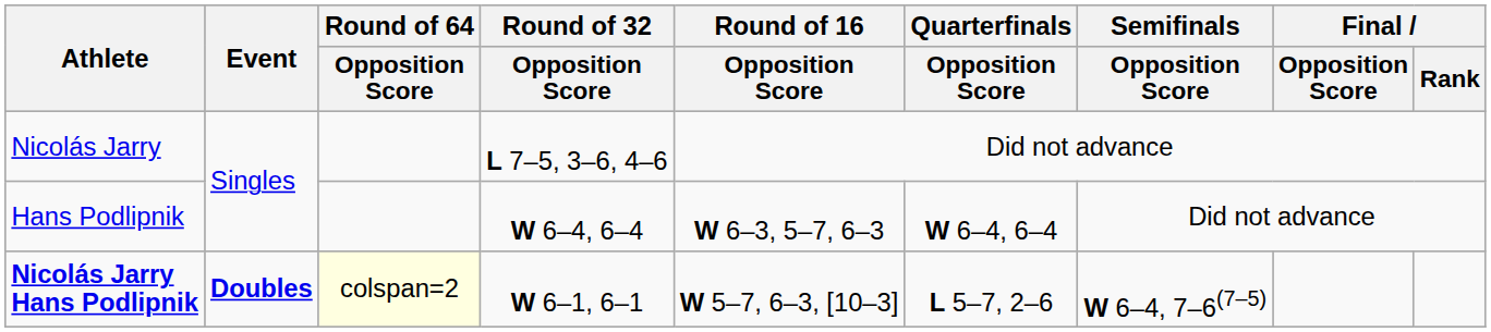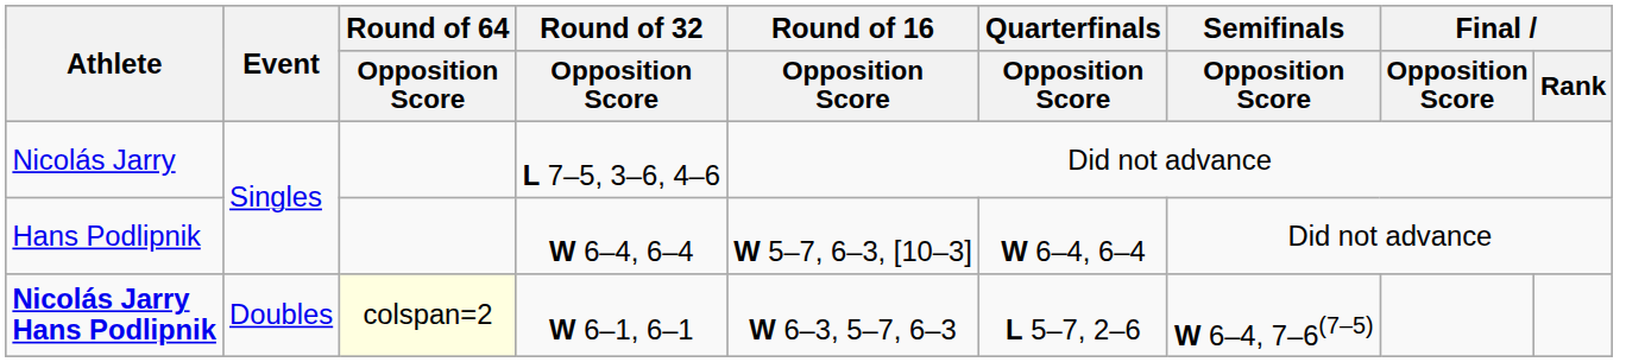 <table class=wikitable style="font-size:90%">
 <tr>
 <th rowspan="2">Athlete</th>
 <th rowspan="2">Event</th>
 <th>Round of 64</th>
 <th>Round of 32</th>
 <th>Round of 16</th>
 <th>Quarterfinals</th>
 <th>Semifinals</th>
 <th colspan=2>Final / </th>
 </tr>
 <tr style="font-size:95%">
 <th>Opposition<br>Score</th>
 <th>Opposition<br>Score</th>
 <th>Opposition<br>Score</th>
 <th>Opposition<br>Score</th>
 <th>Opposition<br>Score</th>
 <th>Opposition<br>Score</th>
 <th>Rank</th>
 </tr>
 <tr align=center>
 <td align=left><a href='#'>Nicolás Jarry</a></td>
 <td align=left rowspan=2><a href='#'>Singles</a></td>
 <td></td>
 <td><br><strong>L</strong> 7–5, 3–6, 4–6</td>
 <td colspan=5>Did not advance</td>
 </tr>
 <tr align=center>
 <td align=left><a href='#'>Hans Podlipnik</a></td>
 <td></td>
 <td><br><strong>W</strong> 6–4, 6–4</td>
-<td><br><strong>W</strong> 6–3, 5–7, 6–3</td>
+<td><br><strong>W</strong> 5–7, 6–3, [10–3]</td>
 <td><br><strong>W</strong> 6–4, 6–4</td>
 <td colspan=3>Did not advance</td>
 </tr>
 <tr align=center>
 <td align=left><strong><a href='#'>Nicolás Jarry</a><br><a href='#'>Hans Podlipnik</a></strong></td>
-<td><strong><a href='#'>Doubles</a></strong></td>
+<td><a href='#'>Doubles</a></td>
 <td style="background: lightyellow;">colspan=2 </td>
 <td><br><strong>W</strong> 6–1, 6–1</td>
-<td><br><strong>W</strong> 5–7, 6–3, [10–3]</td>
+<td><br><strong>W</strong> 6–3, 5–7, 6–3</td>
 <td><br><strong>L</strong> 5–7, 2–6</td>
 <td><br><strong>W</strong> 6–4, 7–6<sup>(7–5)</sup></td>
 <td></td>
 </tr>
 </table>
